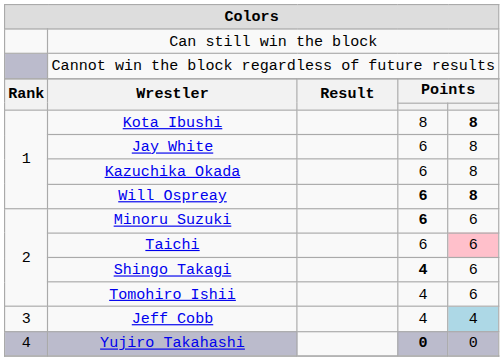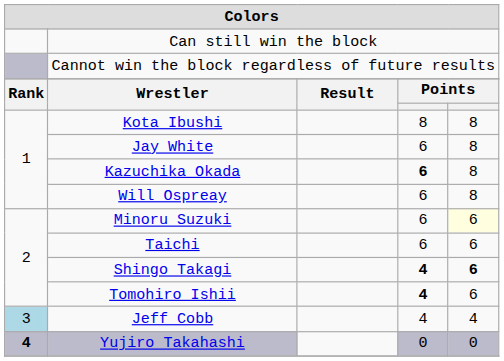 <table class="wikitable mw-collapsible mw-collapsed" plainrowheaders sortable" style="text-align: center">
 <tr>
 <th style="background: #DDDDDD;" colspan="5">Colors</th>
 </tr>
 <tr>
 <td></td>
 <td colspan="4">Can still win the block</td>
 </tr>
 <tr>
 <td style="background: #BBBBCC;"><br></td>
 <td colspan="4">Cannot win the block regardless of future results</td>
 </tr>
 <tr>
 </tr>
 <tr>
 <th scope="col" rowspan="2">Rank</th>
 <th scope="col" rowspan="2">Wrestler</th>
 <th scope="col" rowspan="2">Result</th>
 <th scope="col" colspan="2">Points</th>
 </tr>
 <tr>
 <th></th>
 <th></th>
 </tr>
 <tr>
 <td rowspan="4">1</td>
 <td><a href='#'>Kota Ibushi</a></td>
 <td></td>
 <td>8</td>
-<td><strong>8</strong></td>
+<td>8</td>
 </tr>
 <tr>
 <td><a href='#'>Jay White</a></td>
 <td></td>
 <td>6</td>
 <td>8</td>
 </tr>
 <tr>
 <td><a href='#'>Kazuchika Okada</a></td>
 <td></td>
-<td>6</td>
+<td><strong>6</strong></td>
 <td>8</td>
 </tr>
 <tr>
 <td><a href='#'>Will Ospreay</a></td>
 <td></td>
-<td><strong>6</strong></td>
-<td><strong>8</strong></td>
+<td>6</td>
+<td>8</td>
 </tr>
 <tr>
 <td rowspan="4">2</td>
 <td><a href='#'>Minoru Suzuki</a></td>
 <td></td>
-<td><strong>6</strong></td>
 <td>6</td>
+<td style="background: lightyellow;">6</td>
 </tr>
 <tr>
 <td><a href='#'>Taichi</a></td>
 <td></td>
 <td>6</td>
-<td style="background: pink;">6</td>
+<td>6</td>
 </tr>
 <tr>
 <td><a href='#'>Shingo Takagi</a></td>
 <td></td>
 <td><strong>4</strong></td>
-<td>6</td>
+<td><strong>6</strong></td>
 </tr>
 <tr>
 <td><a href='#'>Tomohiro Ishii</a></td>
 <td></td>
-<td>4</td>
+<td><strong>4</strong></td>
 <td>6</td>
 </tr>
 <tr>
-<td>3</td>
+<td style="background: lightblue;">3</td>
 <td><a href='#'>Jeff Cobb</a></td>
 <td></td>
 <td>4</td>
-<td style="background: lightblue;">4</td>
+<td>4</td>
 </tr>
 <tr>
-<td style="background: #BBBBCC;">4</td>
+<td style="background: #BBBBCC;"><strong>4</strong></td>
 <td style="background: #BBBBCC;"><a href='#'>Yujiro Takahashi</a></td>
 <td></td>
-<td style="background: #BBBBCC;"><strong>0</strong></td>
+<td style="background: #BBBBCC;">0</td>
 <td style="background: #BBBBCC;">0</td>
 </tr>
 <tr>
 </tr>
 </table>
